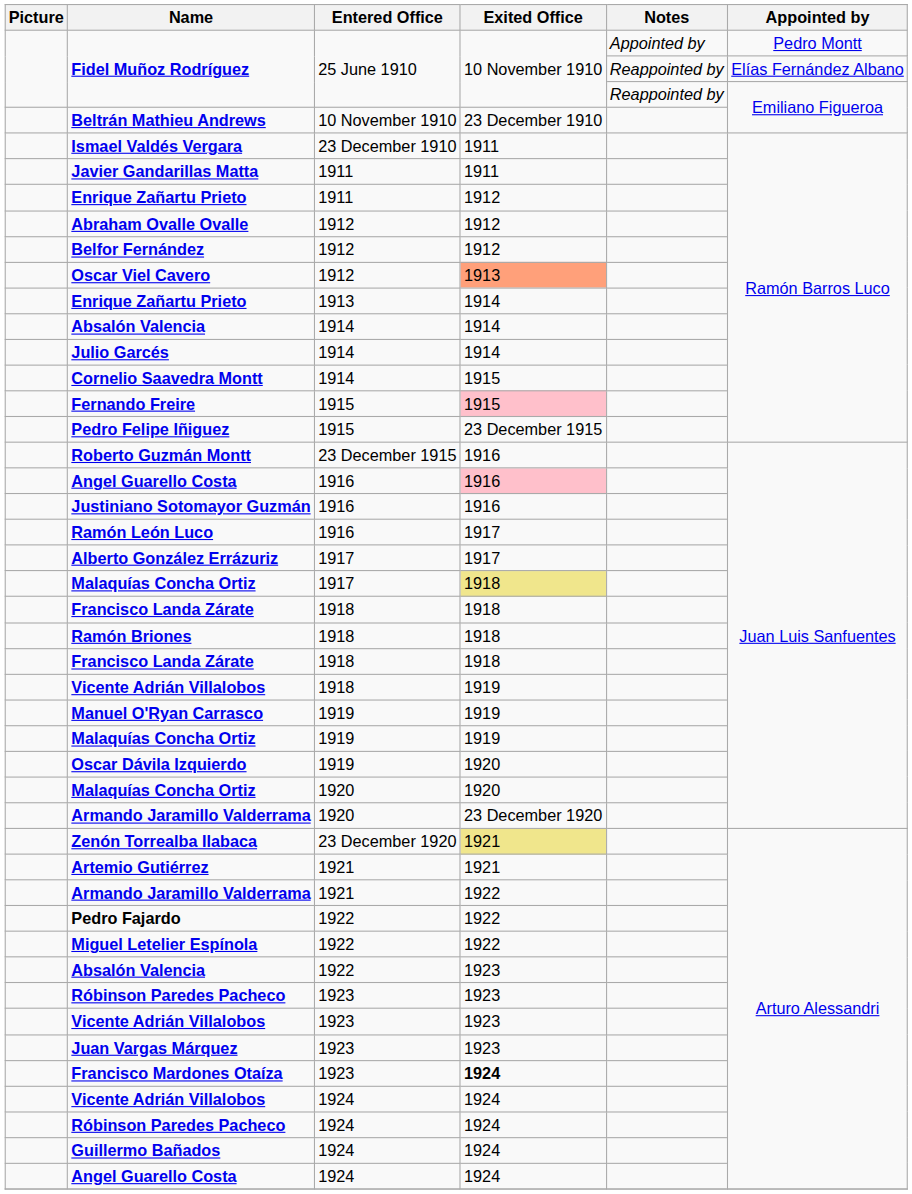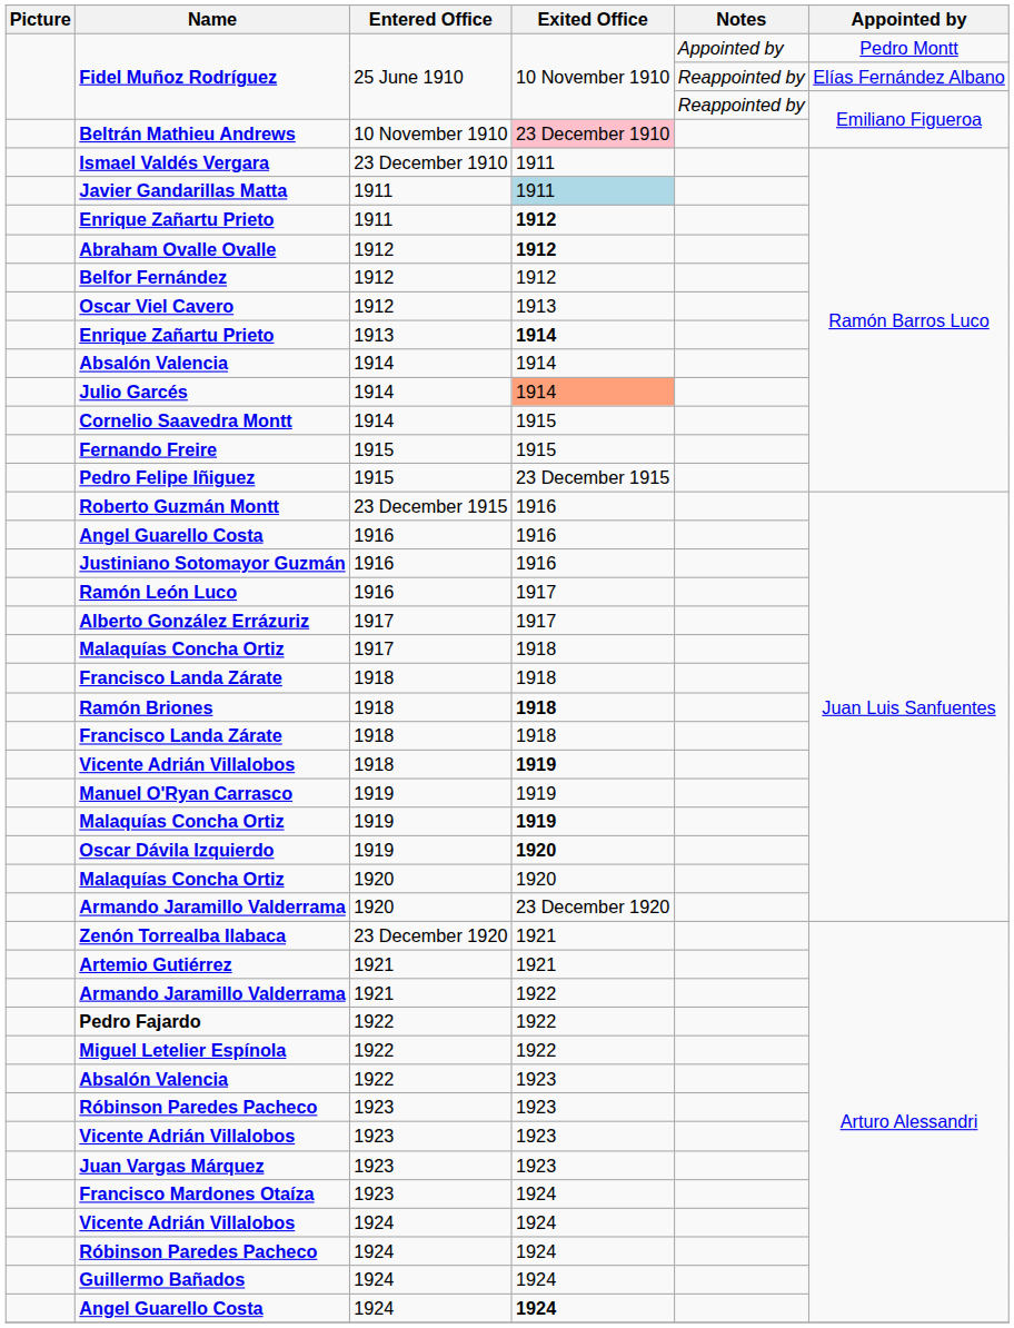 <table class="wikitable" style="margin:1em auto; font-size:95%;">
 <tr>
 <th>Picture</th>
 <th>Name</th>
 <th>Entered Office</th>
 <th>Exited Office</th>
 <th>Notes</th>
 <th>Appointed by</th>
 </tr>
 <tr>
 <td rowspan=3></td>
 <td rowspan=3 align=left><strong><a href='#'>Fidel Muñoz Rodríguez</a></strong></td>
 <td rowspan=3 align=left>25 June 1910</td>
 <td rowspan=3 align=left>10 November 1910</td>
 <td><em>Appointed by</em></td>
 <td align=center><a href='#'>Pedro Montt</a></td>
 </tr>
 <tr>
 <td><em>Reappointed by</em></td>
 <td align=center><a href='#'>Elías Fernández Albano</a></td>
 </tr>
 <tr>
 <td><em>Reappointed by</em></td>
 <td rowspan=2 align=center><a href='#'>Emiliano Figueroa</a></td>
 </tr>
 <tr>
 <td></td>
 <td><strong><a href='#'>Beltrán Mathieu Andrews</a></strong></td>
 <td>10 November 1910</td>
-<td>23 December 1910</td>
+<td style="background: pink;">23 December 1910</td>
 <td></td>
 </tr>
 <tr>
 <td></td>
 <td><strong><a href='#'>Ismael Valdés Vergara</a></strong></td>
 <td>23 December 1910</td>
 <td>1911</td>
 <td></td>
 <td rowspan=12 align=center><a href='#'>Ramón Barros Luco</a></td>
 </tr>
 <tr>
 <td></td>
 <td><strong><a href='#'>Javier Gandarillas Matta</a></strong></td>
 <td>1911</td>
-<td>1911</td>
+<td style="background: lightblue;">1911</td>
 <td></td>
 </tr>
 <tr>
 <td></td>
 <td><strong><a href='#'>Enrique Zañartu Prieto</a></strong></td>
 <td>1911</td>
-<td>1912</td>
+<td><strong>1912</strong></td>
 <td></td>
 </tr>
 <tr>
 <td></td>
 <td><strong><a href='#'>Abraham Ovalle Ovalle</a></strong></td>
 <td>1912</td>
-<td>1912</td>
+<td><strong>1912</strong></td>
 <td></td>
 </tr>
 <tr>
 <td></td>
 <td><strong><a href='#'>Belfor Fernández</a></strong></td>
 <td>1912</td>
 <td>1912</td>
 <td></td>
 </tr>
 <tr>
 <td></td>
 <td><strong><a href='#'>Oscar Viel Cavero</a></strong></td>
 <td>1912</td>
-<td style="background: lightsalmon;">1913</td>
+<td>1913</td>
 <td></td>
 </tr>
 <tr>
 <td></td>
 <td><strong><a href='#'>Enrique Zañartu Prieto</a></strong></td>
 <td>1913</td>
-<td>1914</td>
+<td><strong>1914</strong></td>
 <td></td>
 </tr>
 <tr>
 <td></td>
 <td><strong><a href='#'>Absalón Valencia</a></strong></td>
 <td>1914</td>
 <td>1914</td>
 <td></td>
 </tr>
 <tr>
 <td></td>
 <td><strong><a href='#'>Julio Garcés</a></strong></td>
 <td>1914</td>
-<td>1914</td>
+<td style="background: lightsalmon;">1914</td>
 <td></td>
 </tr>
 <tr>
 <td></td>
 <td><strong><a href='#'>Cornelio Saavedra Montt</a></strong></td>
 <td>1914</td>
 <td>1915</td>
 <td></td>
 </tr>
 <tr>
 <td></td>
 <td><strong><a href='#'>Fernando Freire</a></strong></td>
 <td>1915</td>
-<td style="background: pink;">1915</td>
+<td>1915</td>
 <td></td>
 </tr>
 <tr>
 <td></td>
 <td><strong><a href='#'>Pedro Felipe Iñiguez</a></strong></td>
 <td>1915</td>
 <td>23 December 1915</td>
 <td></td>
 </tr>
 <tr>
 <td></td>
 <td><strong><a href='#'>Roberto Guzmán Montt</a></strong></td>
 <td>23 December 1915</td>
 <td>1916</td>
 <td></td>
 <td rowspan=15 align=center><a href='#'>Juan Luis Sanfuentes</a></td>
 </tr>
 <tr>
 <td></td>
 <td><strong><a href='#'>Angel Guarello Costa</a></strong></td>
 <td>1916</td>
-<td style="background: pink;">1916</td>
+<td>1916</td>
 <td></td>
 </tr>
 <tr>
 <td></td>
 <td><strong><a href='#'>Justiniano Sotomayor Guzmán</a></strong></td>
 <td>1916</td>
 <td>1916</td>
 <td></td>
 </tr>
 <tr>
 <td></td>
 <td><strong><a href='#'>Ramón León Luco</a></strong></td>
 <td>1916</td>
 <td>1917</td>
 <td></td>
 </tr>
 <tr>
 <td></td>
 <td><strong><a href='#'>Alberto González Errázuriz</a></strong></td>
 <td>1917</td>
 <td>1917</td>
 <td></td>
 </tr>
 <tr>
 <td></td>
 <td><strong><a href='#'>Malaquías Concha Ortiz</a></strong></td>
 <td>1917</td>
-<td style="background: khaki;">1918</td>
+<td>1918</td>
 <td></td>
 </tr>
 <tr>
 <td></td>
 <td><strong><a href='#'>Francisco Landa Zárate</a></strong></td>
 <td>1918</td>
 <td>1918</td>
 <td></td>
 </tr>
 <tr>
 <td></td>
 <td><strong><a href='#'>Ramón Briones</a></strong></td>
 <td>1918</td>
-<td>1918</td>
+<td><strong>1918</strong></td>
 <td></td>
 </tr>
 <tr>
 <td></td>
 <td><strong><a href='#'>Francisco Landa Zárate</a></strong></td>
 <td>1918</td>
 <td>1918</td>
 <td></td>
 </tr>
 <tr>
 <td></td>
 <td><strong><a href='#'>Vicente Adrián Villalobos</a></strong></td>
 <td>1918</td>
-<td>1919</td>
+<td><strong>1919</strong></td>
 <td></td>
 </tr>
 <tr>
 <td></td>
 <td><strong><a href='#'>Manuel O'Ryan Carrasco</a></strong></td>
 <td>1919</td>
 <td>1919</td>
 <td></td>
 </tr>
 <tr>
 <td></td>
 <td><strong><a href='#'>Malaquías Concha Ortiz</a></strong></td>
 <td>1919</td>
-<td>1919</td>
+<td><strong>1919</strong></td>
 <td></td>
 </tr>
 <tr>
 <td></td>
 <td><strong><a href='#'>Oscar Dávila Izquierdo</a></strong></td>
 <td>1919</td>
-<td>1920</td>
+<td><strong>1920</strong></td>
 <td></td>
 </tr>
 <tr>
 <td></td>
 <td><strong><a href='#'>Malaquías Concha Ortiz</a></strong></td>
 <td>1920</td>
 <td>1920</td>
 <td></td>
 </tr>
 <tr>
 <td></td>
 <td><strong><a href='#'>Armando Jaramillo Valderrama</a></strong></td>
 <td>1920</td>
 <td>23 December 1920</td>
 <td></td>
 </tr>
 <tr>
 <td></td>
 <td><strong><a href='#'>Zenón Torrealba Ilabaca</a></strong></td>
 <td>23 December 1920</td>
-<td style="background: khaki;">1921</td>
+<td>1921</td>
 <td></td>
 <td rowspan=14 align=center><a href='#'>Arturo Alessandri</a></td>
 </tr>
 <tr>
 <td></td>
 <td><strong><a href='#'>Artemio Gutiérrez</a></strong></td>
 <td>1921</td>
 <td>1921</td>
 <td></td>
 </tr>
 <tr>
 <td></td>
 <td><strong><a href='#'>Armando Jaramillo Valderrama</a></strong></td>
 <td>1921</td>
 <td>1922</td>
 <td></td>
 </tr>
 <tr>
 <td></td>
 <td><strong>Pedro Fajardo</strong></td>
 <td>1922</td>
 <td>1922</td>
 <td></td>
 </tr>
 <tr>
 <td></td>
 <td><strong><a href='#'>Miguel Letelier Espínola</a></strong></td>
 <td>1922</td>
 <td>1922</td>
 <td></td>
 </tr>
 <tr>
 <td></td>
 <td><strong><a href='#'>Absalón Valencia</a></strong></td>
 <td>1922</td>
 <td>1923</td>
 <td></td>
 </tr>
 <tr>
 <td></td>
 <td><strong><a href='#'>Róbinson Paredes Pacheco</a></strong></td>
 <td>1923</td>
 <td>1923</td>
 <td></td>
 </tr>
 <tr>
 <td></td>
 <td><strong><a href='#'>Vicente Adrián Villalobos</a></strong></td>
 <td>1923</td>
 <td>1923</td>
 <td></td>
 </tr>
 <tr>
 <td></td>
 <td><strong><a href='#'>Juan Vargas Márquez</a></strong></td>
 <td>1923</td>
 <td>1923</td>
 <td></td>
 </tr>
 <tr>
 <td></td>
 <td><strong><a href='#'>Francisco Mardones Otaíza</a></strong></td>
 <td>1923</td>
-<td><strong>1924</strong></td>
+<td>1924</td>
 <td></td>
 </tr>
 <tr>
 <td></td>
 <td><strong><a href='#'>Vicente Adrián Villalobos</a></strong></td>
 <td>1924</td>
 <td>1924</td>
 <td></td>
 </tr>
 <tr>
 <td></td>
 <td><strong><a href='#'>Róbinson Paredes Pacheco</a></strong></td>
 <td>1924</td>
 <td>1924</td>
 <td></td>
 </tr>
 <tr>
 <td></td>
 <td><strong><a href='#'>Guillermo Bañados</a></strong></td>
 <td>1924</td>
 <td>1924</td>
 <td></td>
 </tr>
 <tr>
 <td></td>
 <td><strong><a href='#'>Angel Guarello Costa</a></strong></td>
 <td>1924</td>
-<td>1924</td>
+<td><strong>1924</strong></td>
 <td></td>
 </tr>
 <tr>
 </tr>
 </table>
